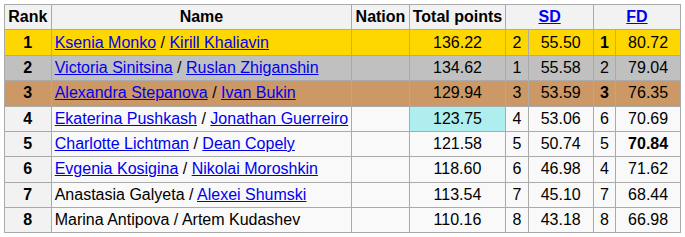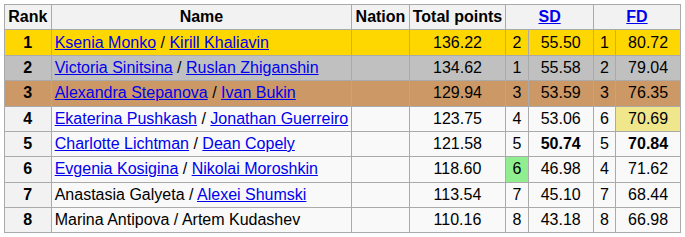 <table class="wikitable sortable">
 <tr>
 <th>Rank</th>
 <th>Name</th>
 <th>Nation</th>
 <th>Total points</th>
 <th colspan="2" width="80px"><a href='#'>SD</a></th>
 <th colspan="2" width="80px"><a href='#'>FD</a></th>
 </tr>
 <tr bgcolor="gold">
 <td align="center"><strong>1</strong></td>
 <td><a href='#'>Ksenia Monko</a> / <a href='#'>Kirill Khaliavin</a></td>
 <td></td>
 <td align="center">136.22</td>
 <td align="center">2</td>
 <td align="center">55.50</td>
-<td align="center"><strong>1</strong></td>
+<td align="center">1</td>
 <td align="center">80.72</td>
 </tr>
 <tr bgcolor="silver">
 <td align="center"><strong>2</strong></td>
 <td><a href='#'>Victoria Sinitsina</a> / <a href='#'>Ruslan Zhiganshin</a></td>
 <td></td>
 <td align="center">134.62</td>
 <td align="center">1</td>
 <td align="center">55.58</td>
 <td align="center">2</td>
 <td align="center">79.04</td>
 </tr>
 <tr bgcolor="cc9966">
 <td align="center"><strong>3</strong></td>
 <td><a href='#'>Alexandra Stepanova</a> / <a href='#'>Ivan Bukin</a></td>
 <td></td>
 <td align="center">129.94</td>
 <td align="center">3</td>
 <td align="center">53.59</td>
-<td align="center"><strong>3</strong></td>
+<td align="center">3</td>
 <td align="center">76.35</td>
 </tr>
 <tr>
 <th>4</th>
 <td><a href='#'>Ekaterina Pushkash</a> / <a href='#'>Jonathan Guerreiro</a></td>
 <td></td>
-<td align="center" style="background: paleturquoise;">123.75</td>
+<td align="center">123.75</td>
 <td align="center">4</td>
 <td align="center">53.06</td>
 <td align="center">6</td>
-<td align="center">70.69</td>
+<td align="center" style="background: khaki;">70.69</td>
 </tr>
 <tr>
 <th>5</th>
 <td><a href='#'>Charlotte Lichtman</a> / <a href='#'>Dean Copely</a></td>
 <td></td>
 <td align="center">121.58</td>
 <td align="center">5</td>
-<td align="center">50.74</td>
+<td align="center"><strong>50.74</strong></td>
 <td align="center">5</td>
 <td align="center"><strong>70.84</strong></td>
 </tr>
 <tr>
 <th>6</th>
 <td><a href='#'>Evgenia Kosigina</a> / <a href='#'>Nikolai Moroshkin</a></td>
 <td></td>
 <td align="center">118.60</td>
-<td align="center">6</td>
+<td align="center" style="background: lightgreen;">6</td>
 <td align="center">46.98</td>
 <td align="center">4</td>
 <td align="center">71.62</td>
 </tr>
 <tr>
 <th>7</th>
 <td>Anastasia Galyeta / <a href='#'>Alexei Shumski</a></td>
 <td></td>
 <td align="center">113.54</td>
 <td align="center">7</td>
 <td align="center">45.10</td>
 <td align="center">7</td>
 <td align="center">68.44</td>
 </tr>
 <tr>
 <th>8</th>
 <td>Marina Antipova / Artem Kudashev</td>
 <td></td>
 <td align="center">110.16</td>
 <td align="center">8</td>
 <td align="center">43.18</td>
 <td align="center">8</td>
 <td align="center">66.98</td>
 </tr>
 </table>
